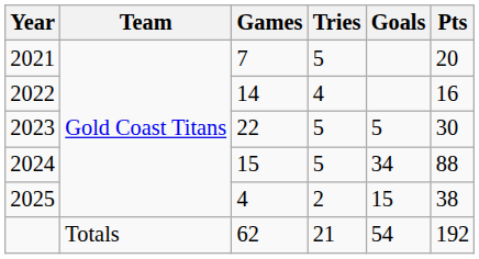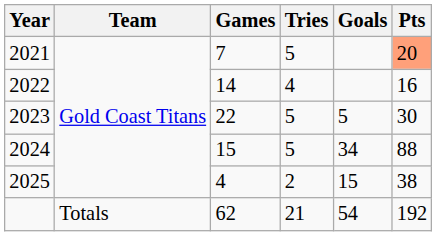 <table class="wikitable">
 <tr>
 <th>Year</th>
 <th>Team</th>
 <th>Games</th>
 <th>Tries</th>
 <th>Goals</th>
 <th>Pts</th>
 </tr>
 <tr>
 <td>2021</td>
 <td rowspan="5"> <a href='#'>Gold Coast Titans</a></td>
 <td>7</td>
 <td>5</td>
 <td></td>
-<td>20</td>
+<td style="background: lightsalmon;">20</td>
 </tr>
 <tr>
 <td>2022</td>
 <td>14</td>
 <td>4</td>
 <td></td>
 <td>16</td>
 </tr>
 <tr>
 <td>2023</td>
 <td>22</td>
 <td>5</td>
 <td>5</td>
 <td>30</td>
 </tr>
 <tr>
 <td>2024</td>
 <td>15</td>
 <td>5</td>
 <td>34</td>
 <td>88</td>
 </tr>
 <tr>
 <td>2025</td>
 <td>4</td>
 <td>2</td>
 <td>15</td>
 <td>38</td>
 </tr>
 <tr>
 <td></td>
 <td>Totals</td>
 <td>62</td>
 <td>21</td>
 <td>54</td>
 <td>192</td>
 </tr>
 </table>
